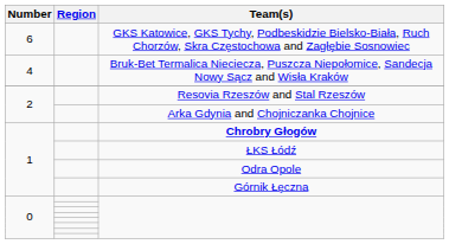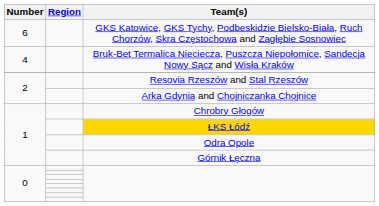 <table class="wikitable" style="text-align:center">
 <tr>
 <th>Number</th>
 <th><a href='#'>Region</a></th>
 <th>Team(s)</th>
 </tr>
 <tr>
 <td rowspan="1">6</td>
 <td align="left"></td>
 <td><a href='#'>GKS Katowice</a>, <a href='#'>GKS Tychy</a>, <a href='#'>Podbeskidzie Bielsko-Biała</a>, <a href='#'>Ruch Chorzów</a>, <a href='#'>Skra Częstochowa</a> and <a href='#'>Zagłębie Sosnowiec</a></td>
 </tr>
 <tr>
 <td rowspan="1">4</td>
 <td align="left"></td>
 <td><a href='#'>Bruk-Bet Termalica Nieciecza</a>, <a href='#'>Puszcza Niepołomice</a>, <a href='#'>Sandecja Nowy Sącz</a> and <a href='#'>Wisła Kraków</a></td>
 </tr>
 <tr>
 </tr>
 <tr>
 <td rowspan="2">2</td>
 <td align="left"></td>
 <td><a href='#'>Resovia Rzeszów</a> and <a href='#'>Stal Rzeszów</a></td>
 </tr>
 <tr>
 <td align="left"></td>
 <td><a href='#'>Arka Gdynia</a> and <a href='#'>Chojniczanka Chojnice</a></td>
 </tr>
 <tr>
 <td rowspan="4">1</td>
 <td align="left"></td>
-<td><strong><a href='#'>Chrobry Głogów</a></strong></td>
+<td><a href='#'>Chrobry Głogów</a></td>
 </tr>
 <tr>
 <td align="left"></td>
-<td><a href='#'>ŁKS Łódź</a></td>
+<td style="background: gold;"><a href='#'>ŁKS Łódź</a></td>
 </tr>
 <tr>
 <td align="left"></td>
 <td><a href='#'>Odra Opole</a></td>
 </tr>
 <tr>
 <td align="left"></td>
 <td><a href='#'>Górnik Łęczna</a></td>
 </tr>
 <tr>
 <td rowspan="8">0</td>
 <td align="left"></td>
 </tr>
 <tr>
 <td align="left"></td>
 </tr>
 <tr>
 <td align="left"></td>
 </tr>
 <tr>
 <td align="left"></td>
 </tr>
 <tr>
 <td align="left"></td>
 </tr>
 <tr>
 <td align="left"></td>
 </tr>
 <tr>
 <td align="left"></td>
 </tr>
 <tr>
 <td align="left"></td>
 </tr>
 </table>
